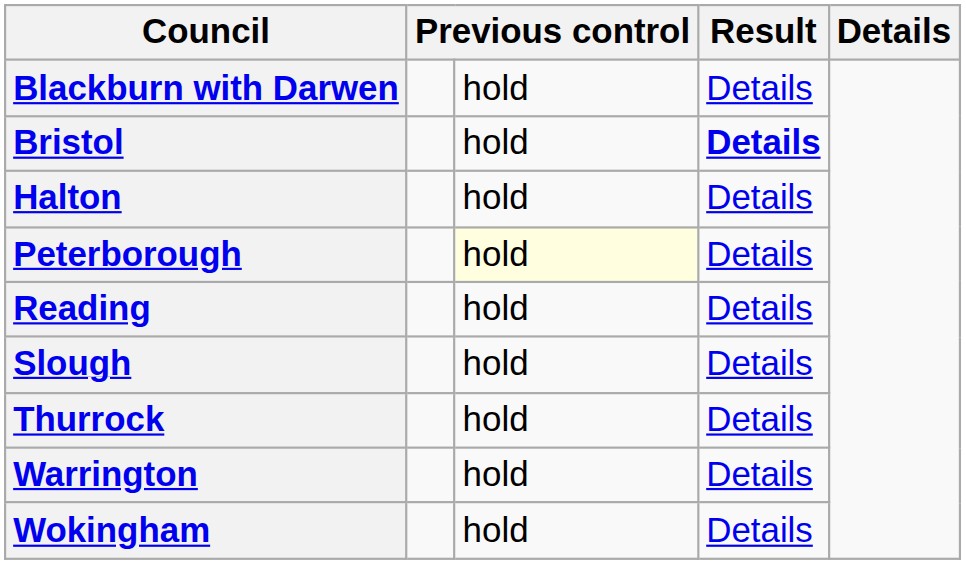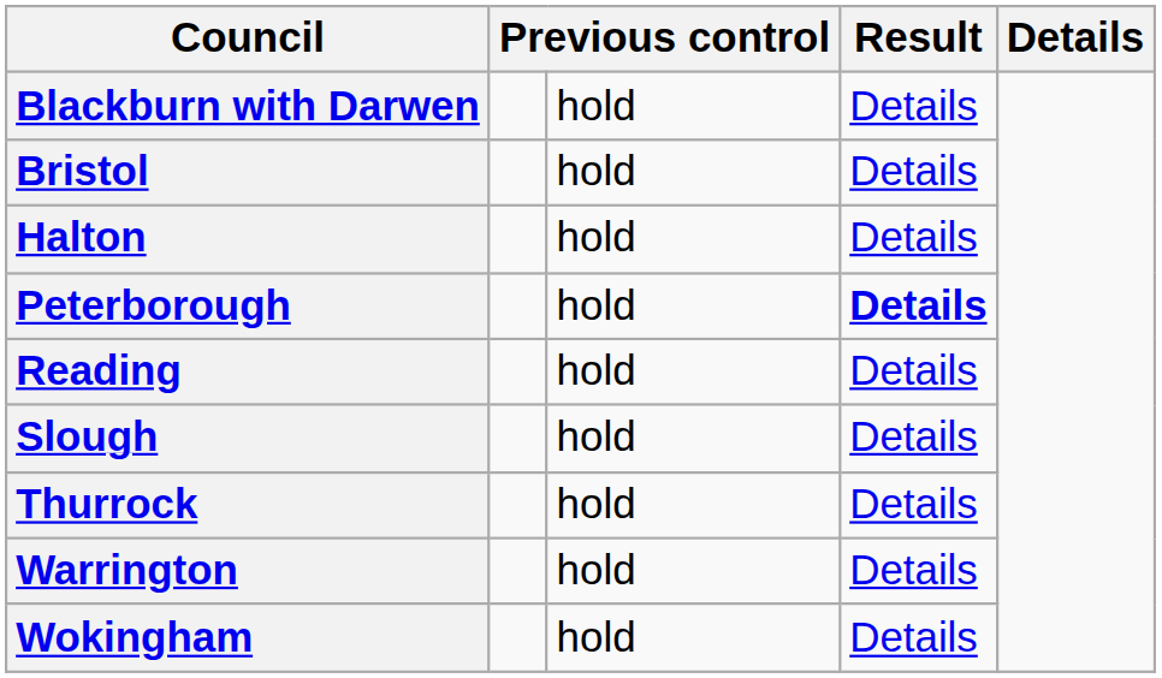 <table class="wikitable sortable" border="1">
 <tr>
 <th scope="col">Council</th>
 <th colspan=2>Previous control</th>
 <th colspan=2>Result</th>
 <th class="unsortable" scope="col">Details</th>
 </tr>
 <tr>
 <th scope="row" style="text-align: left;"><a href='#'>Blackburn with Darwen</a></th>
 <td></td>
 <td> hold</td>
 <td><a href='#'>Details</a></td>
 </tr>
 <tr>
 <th scope="row" style="text-align: left;"><a href='#'>Bristol</a></th>
 <td></td>
 <td> hold</td>
-<td><strong><a href='#'>Details</a></strong></td>
+<td><a href='#'>Details</a></td>
 </tr>
 <tr>
 <th scope="row" style="text-align: left;"><a href='#'>Halton</a></th>
 <td></td>
 <td> hold</td>
 <td><a href='#'>Details</a></td>
 </tr>
 <tr>
 <th scope="row" style="text-align: left;"><a href='#'>Peterborough</a></th>
 <td></td>
-<td style="background: lightyellow;"> hold</td>
-<td><a href='#'>Details</a></td>
+<td> hold</td>
+<td><strong><a href='#'>Details</a></strong></td>
 </tr>
 <tr>
 <th scope="row" style="text-align: left;"><a href='#'>Reading</a></th>
 <td></td>
 <td> hold</td>
 <td><a href='#'>Details</a></td>
 </tr>
 <tr>
 <th scope="row" style="text-align: left;"><a href='#'>Slough</a></th>
 <td></td>
 <td> hold</td>
 <td><a href='#'>Details</a></td>
 </tr>
 <tr>
 <th scope="row" style="text-align: left;"><a href='#'>Thurrock</a></th>
 <td></td>
 <td> hold</td>
 <td><a href='#'>Details</a></td>
 </tr>
 <tr>
 <th scope="row" style="text-align: left;"><a href='#'>Warrington</a></th>
 <td></td>
 <td> hold</td>
 <td><a href='#'>Details</a></td>
 </tr>
 <tr>
 <th scope="row" style="text-align: left;"><a href='#'>Wokingham</a></th>
 <td></td>
 <td> hold</td>
 <td><a href='#'>Details</a></td>
 </tr>
 </table>
